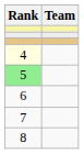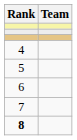 <table class="wikitable" style="text-align:center">
 <tr>
 <th>Rank</th>
 <th>Team</th>
 </tr>
 <tr bgcolor=#F7F6A8>
 <td></td>
 <td align=left></td>
 </tr>
 <tr bgcolor=#EDEDED>
 <td></td>
 <td align=left></td>
 </tr>
 <tr bgcolor=#E5C585>
 <td></td>
 <td align=left></td>
 </tr>
 <tr>
-<td style="background: lightyellow;">4</td>
+<td>4</td>
 <td align=left></td>
 </tr>
 <tr>
-<td style="background: lightgreen;">5</td>
+<td>5</td>
 <td align=left></td>
 </tr>
 <tr>
 <td>6</td>
 <td align=left></td>
 </tr>
 <tr>
 <td>7</td>
 <td align=left></td>
 </tr>
 <tr>
-<td>8</td>
+<td><strong>8</strong></td>
 <td align=left></td>
 </tr>
 </table>
